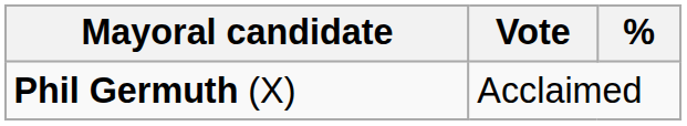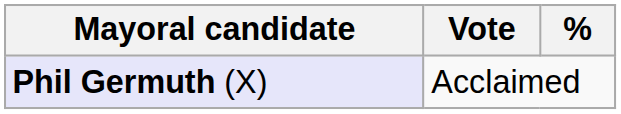 <table class="wikitable">
 <tr>
 <th width="200px">Mayoral candidate</th>
 <th width="50px">Vote</th>
 <th width="30px">%</th>
 </tr>
 <tr>
-<td><strong>Phil Germuth</strong> (X) </td>
+<td style="background: lavender;"><strong>Phil Germuth</strong> (X) </td>
 <td colspan="2">Acclaimed</td>
 </tr>
 </table>
